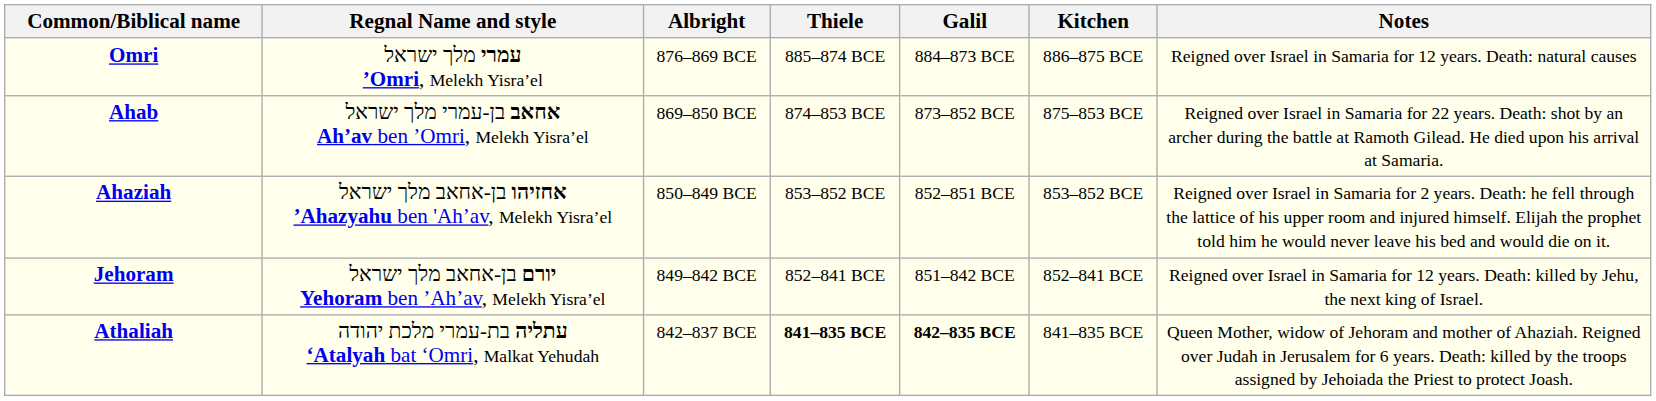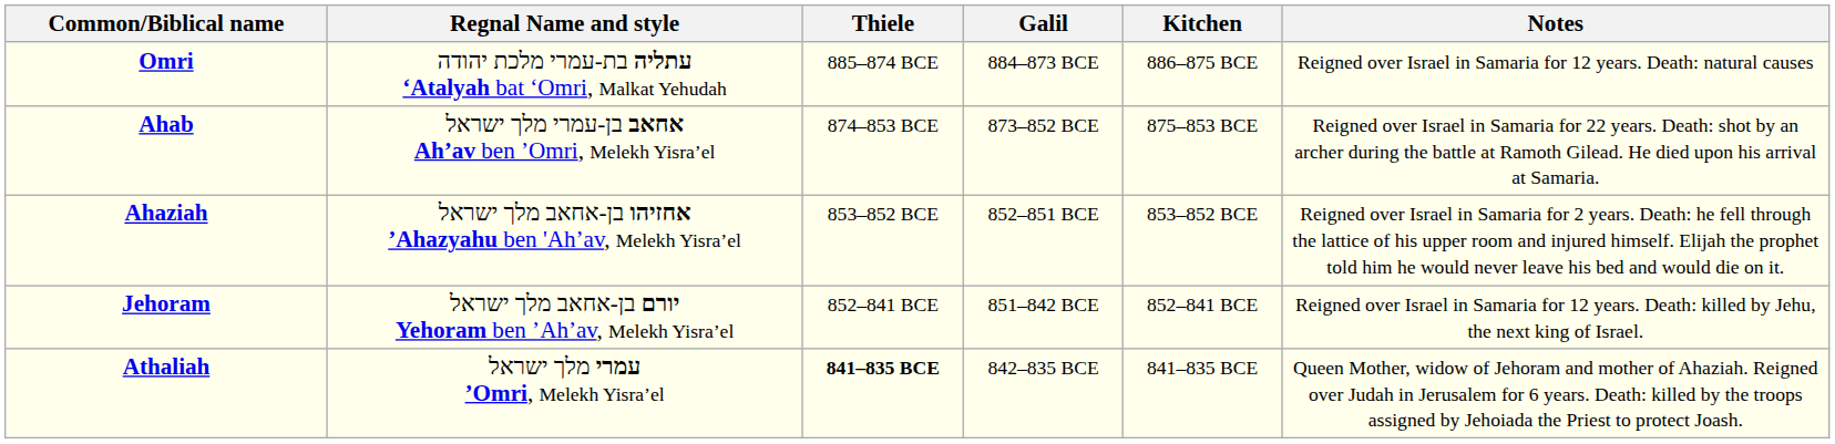 <table class="wikitable" style="align: center;">
 <tr>
 <th>Common/Biblical name</th>
 <th>Regnal Name and style</th>
-<th>Albright</th>
 <th>Thiele</th>
 <th>Galil</th>
 <th>Kitchen</th>
 <th style="width:30%;">Notes</th>
 </tr>
 <tr style="background:#ffffec; vertical-align:top; text-align:center;">
 <td><strong><a href='#'>Omri</a></strong></td>
-<td><strong>עמרי</strong> מלך ישראל<br><strong><a href='#'>’Omri</a></strong>, <small>Melekh Yisra’el</small></td>
-<td><small>876–869 BCE</small></td>
+<td><strong>עתליה</strong> בת-עמרי מלכת יהודה<br><a href='#'><strong>‘Atalyah</strong> bat ‘Omri</a>, <small>Malkat Yehudah</small></td>
 <td><small>885–874 BCE</small></td>
 <td><small>884–873 BCE</small></td>
 <td><small>886–875 BCE</small></td>
 <td><small>Reigned over Israel in Samaria for 12 years. Death: natural causes</small></td>
 </tr>
 <tr style="background:#ffffec; vertical-align:top; text-align:center;">
 <td><strong><a href='#'>Ahab</a></strong></td>
 <td><strong>אחאב</strong> בן-עמרי מלך ישראל<br><a href='#'><strong>Ah’av</strong> ben ’Omri</a>, <small>Melekh Yisra’el</small></td>
-<td><small>869–850 BCE</small></td>
 <td><small>874–853 BCE</small></td>
 <td><small>873–852 BCE</small></td>
 <td><small>875–853 BCE</small></td>
 <td><small>Reigned over Israel in Samaria for 22 years. Death: shot by an archer during  the battle at Ramoth Gilead. He died upon his arrival at Samaria.</small></td>
 </tr>
 <tr style="background:#ffffec; vertical-align:top; text-align:center;">
 <td><strong><a href='#'>Ahaziah</a></strong></td>
 <td><strong>אחזיהו</strong> בן-אחאב מלך ישראל<br><a href='#'><strong>’Ahazyahu</strong> ben 'Ah’av</a>, <small>Melekh Yisra’el</small></td>
-<td><small>850–849 BCE</small></td>
 <td><small>853–852 BCE</small></td>
 <td><small>852–851 BCE</small></td>
 <td><small>853–852 BCE</small></td>
 <td><small>Reigned over Israel in Samaria for 2 years. Death: he fell through the lattice of his upper room and injured himself. Elijah the prophet told him he would never leave his bed and would die on it.</small></td>
 </tr>
 <tr style="background:#ffffec; vertical-align:top; text-align:center;">
 <td><strong><a href='#'>Jehoram</a></strong></td>
 <td><strong>יורם</strong> בן-אחאב מלך ישראל<br><a href='#'><strong>Yehoram</strong> ben ’Ah’av</a>, <small>Melekh Yisra’el</small></td>
-<td><small>849–842 BCE</small></td>
 <td><small>852–841 BCE</small></td>
 <td><small>851–842 BCE</small></td>
 <td><small>852–841 BCE</small></td>
 <td><small>Reigned over Israel in Samaria for 12 years. Death: killed by Jehu, the next king of Israel.</small></td>
 </tr>
 <tr style="background:#ffffec; vertical-align:top; text-align:center;">
 <td><strong><a href='#'>Athaliah</a></strong></td>
-<td><strong>עתליה</strong> בת-עמרי מלכת יהודה<br><a href='#'><strong>‘Atalyah</strong> bat ‘Omri</a>, <small>Malkat Yehudah</small></td>
-<td><small>842–837 BCE</small></td>
+<td><strong>עמרי</strong> מלך ישראל<br><strong><a href='#'>’Omri</a></strong>, <small>Melekh Yisra’el</small></td>
 <td><strong><small>841–835 BCE</small></strong></td>
-<td><strong><small>842–835 BCE</small></strong></td>
+<td><small>842–835 BCE</small></td>
 <td><small>841–835 BCE</small></td>
 <td><small>Queen Mother, widow of Jehoram and mother of Ahaziah. Reigned over Judah in Jerusalem for 6 years. Death: killed by the troops assigned by Jehoiada the Priest to protect Joash.</small></td>
 </tr>
 </table>
